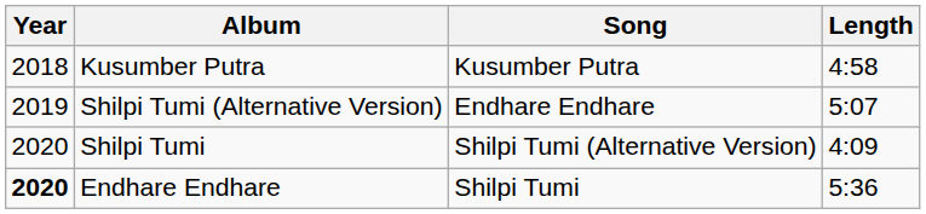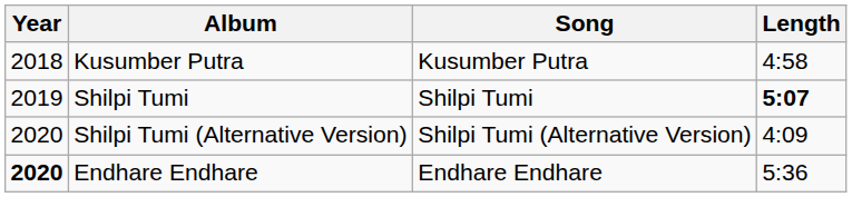 <table class="wikitable sortable">
 <tr>
 <th><strong>Year</strong></th>
 <th>Album</th>
 <th>Song</th>
 <th>Length</th>
 </tr>
 <tr>
 <td>2018</td>
 <td>Kusumber Putra</td>
 <td>Kusumber Putra</td>
 <td>4:58</td>
 </tr>
 <tr>
 <td>2019</td>
-<td>Shilpi Tumi (Alternative Version)</td>
-<td>Endhare Endhare</td>
-<td>5:07</td>
+<td>Shilpi Tumi</td>
+<td>Shilpi Tumi</td>
+<td><strong>5:07</strong></td>
 </tr>
 <tr>
 <td>2020</td>
-<td>Shilpi Tumi</td>
+<td>Shilpi Tumi (Alternative Version)</td>
 <td>Shilpi Tumi (Alternative Version)</td>
 <td>4:09</td>
 </tr>
 <tr>
 <td><strong>2020</strong></td>
 <td>Endhare Endhare </td>
-<td>Shilpi Tumi</td>
+<td>Endhare Endhare</td>
 <td>5:36</td>
 </tr>
 </table>
